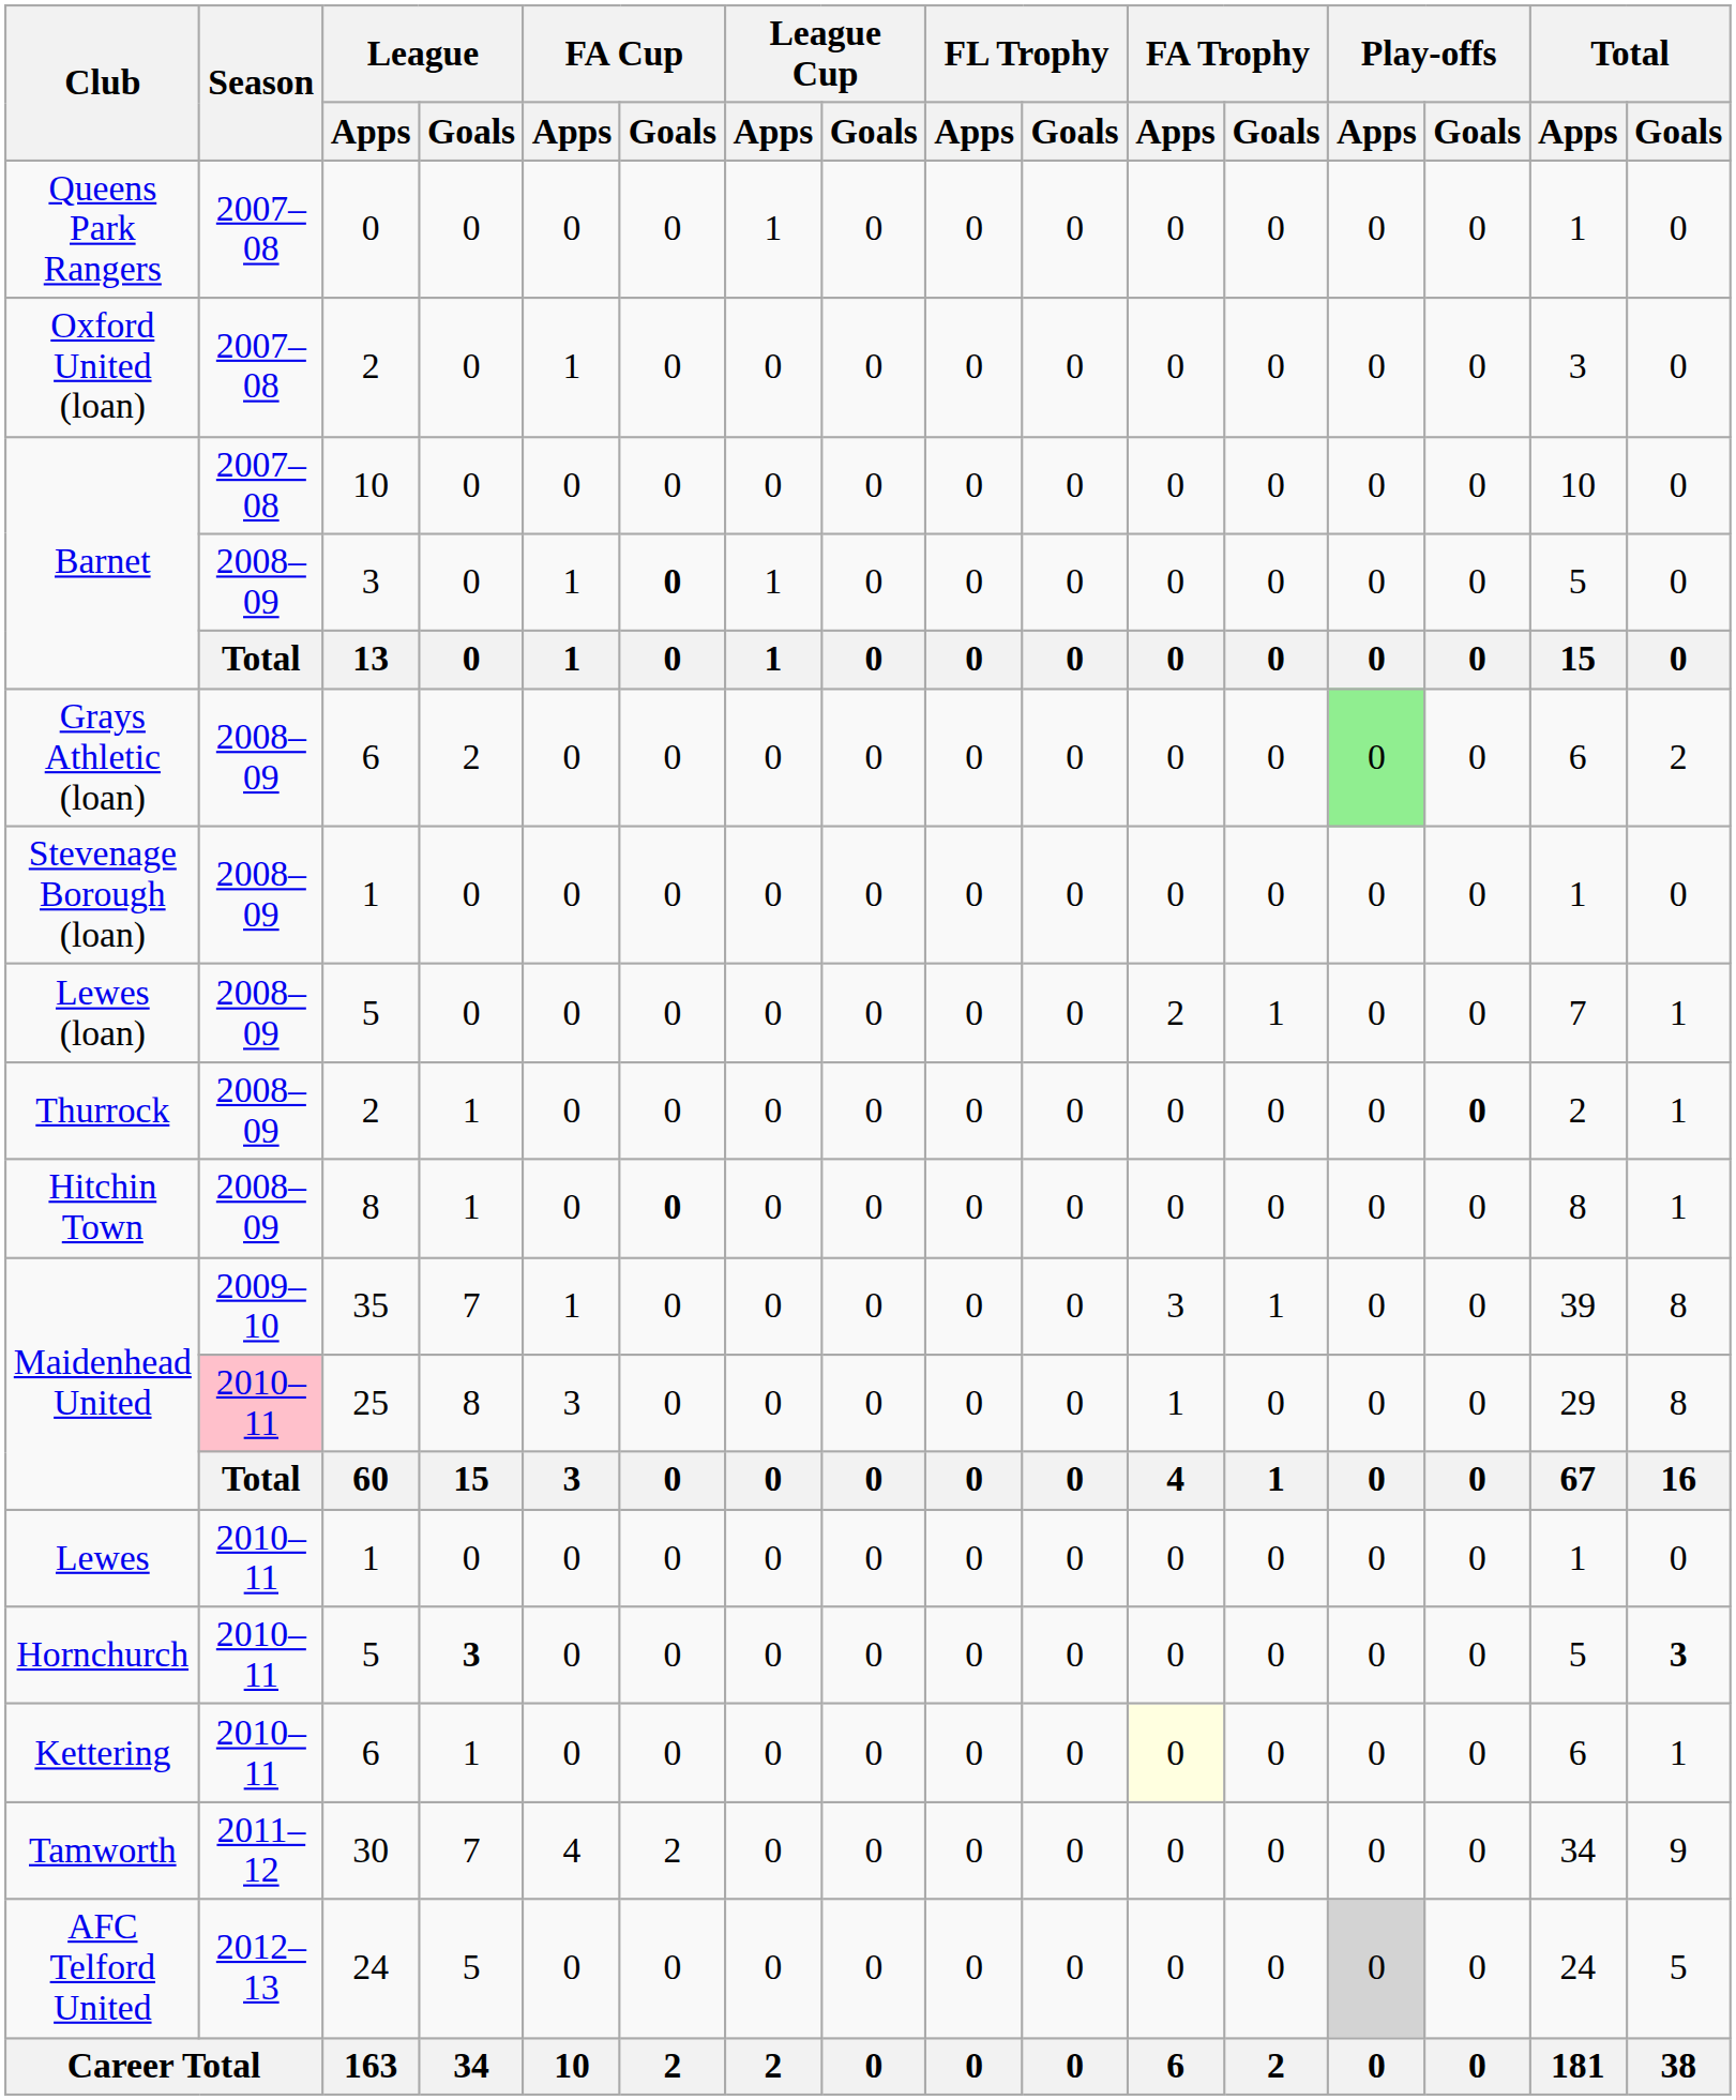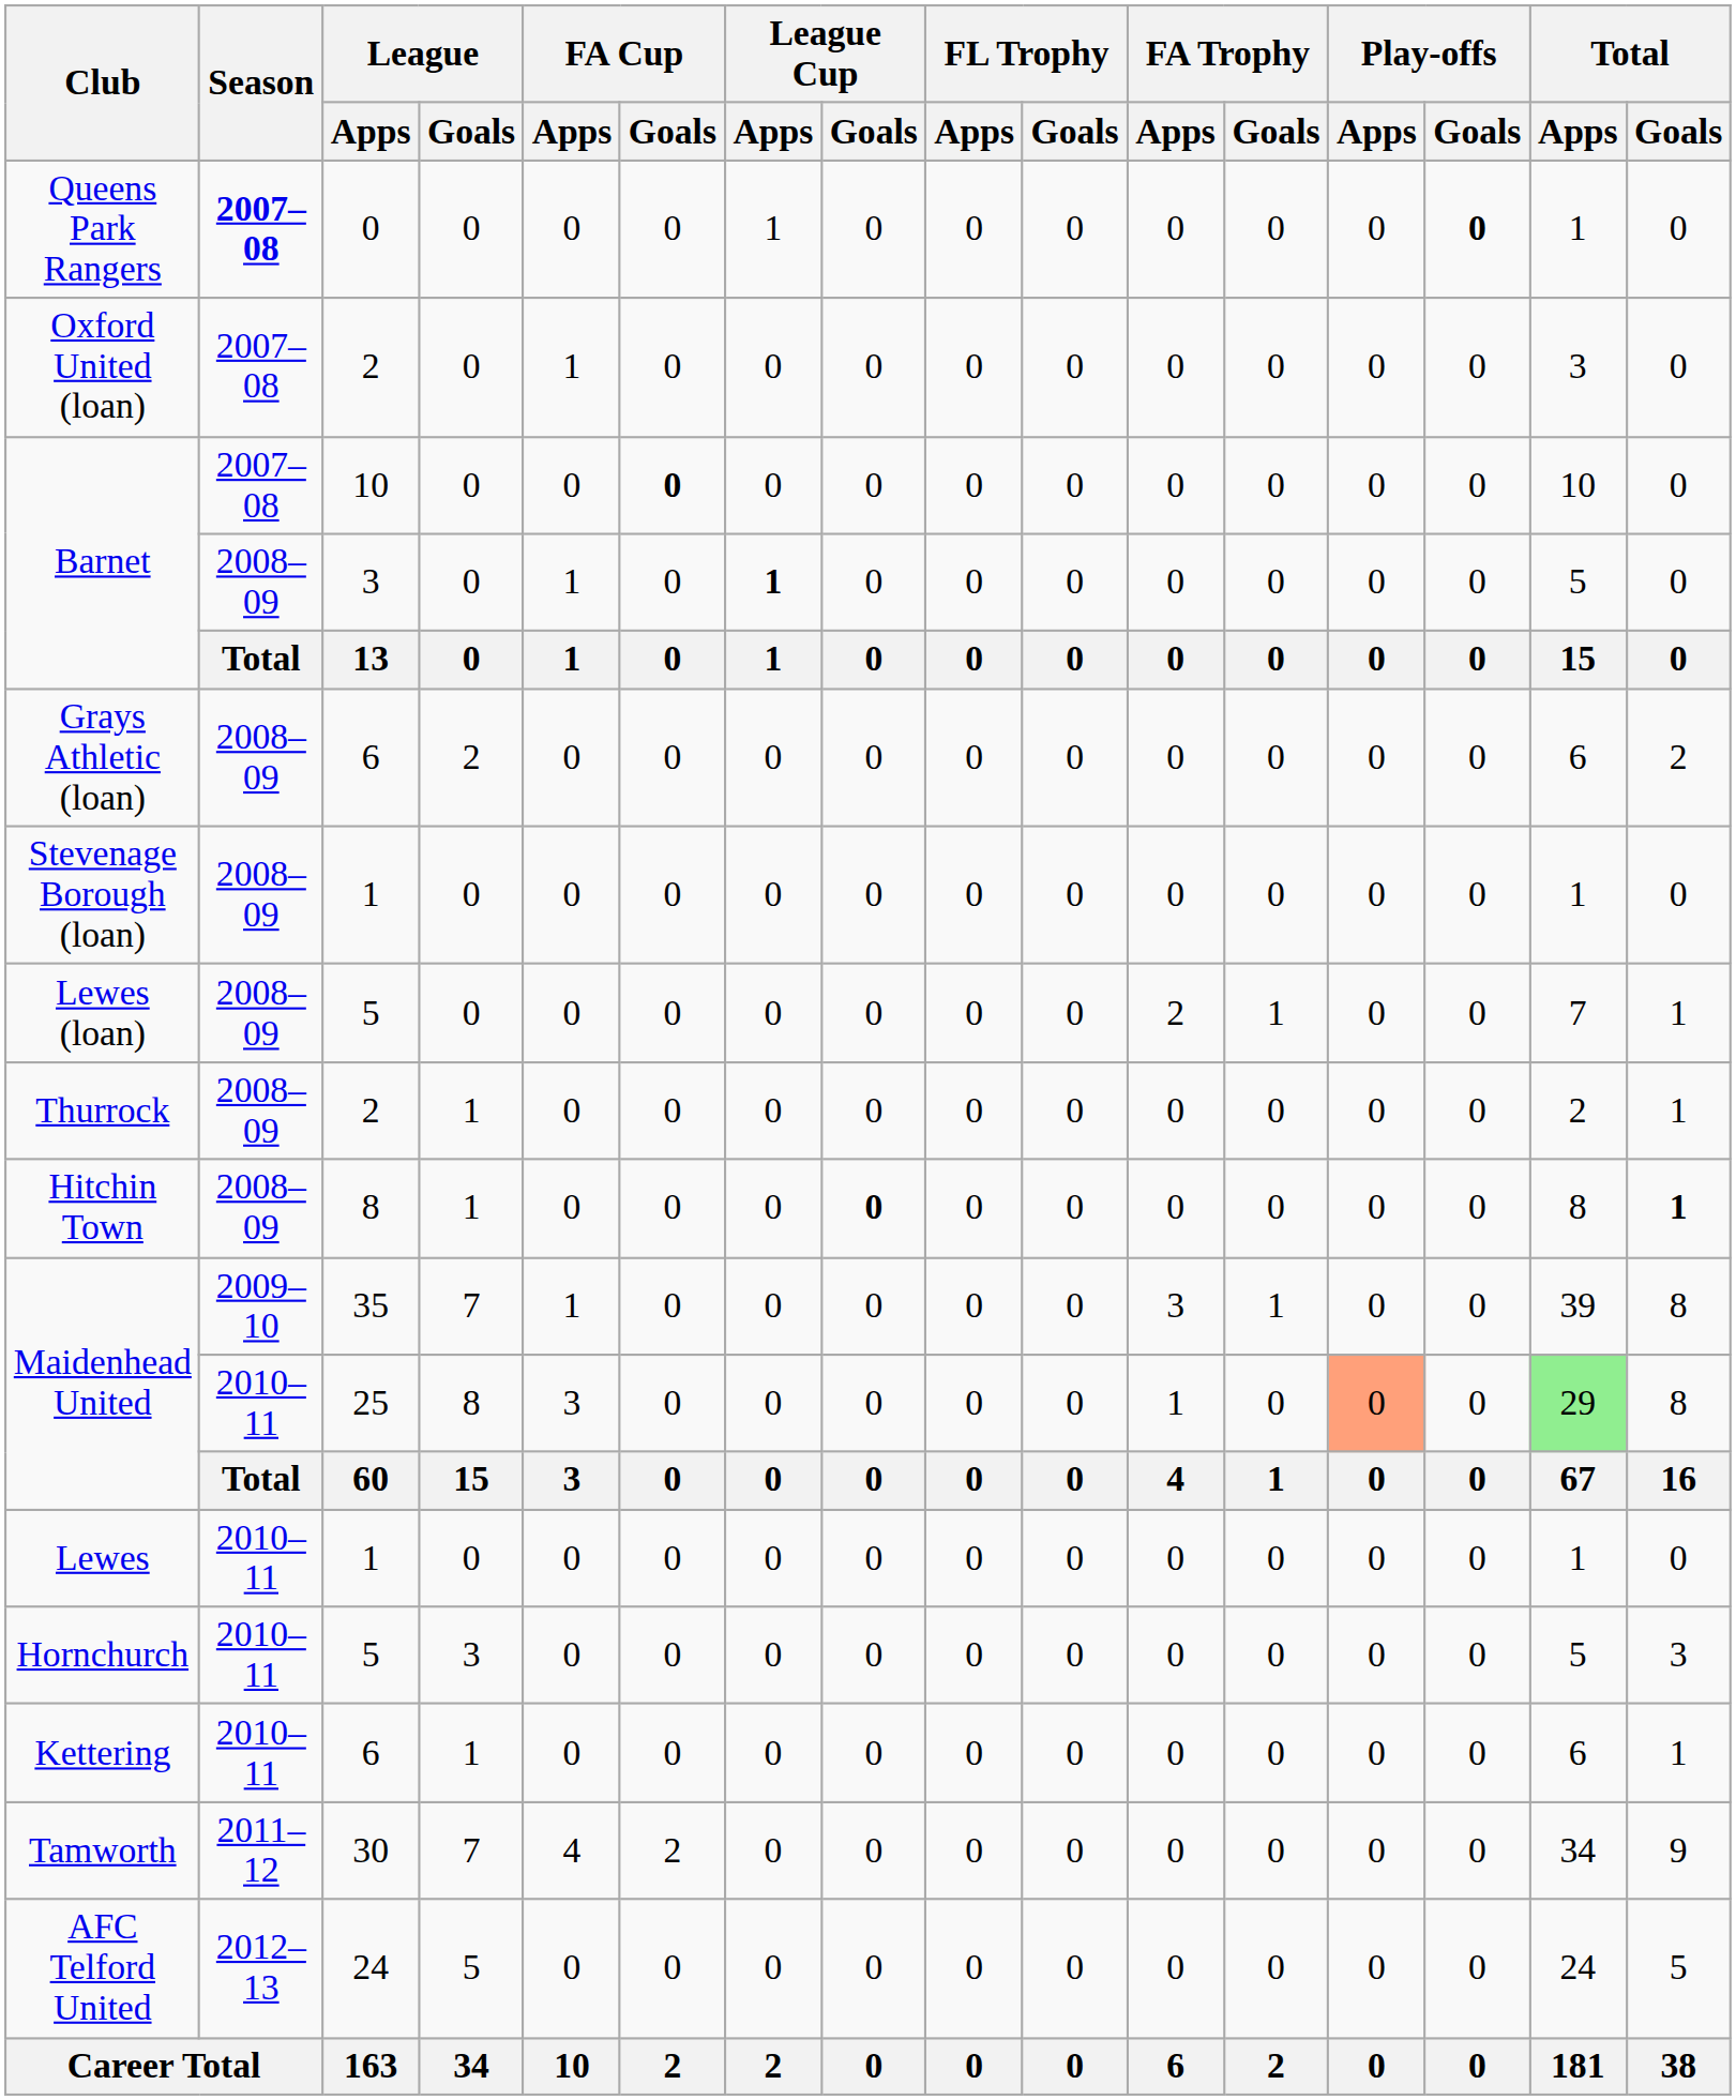 <table class="wikitable" style="text-align:center">
 <tr>
 <th rowspan="2">Club</th>
 <th rowspan="2">Season</th>
 <th colspan="2">League</th>
 <th colspan="2">FA Cup</th>
 <th colspan="2">League Cup</th>
 <th colspan="2">FL Trophy</th>
 <th colspan="2">FA Trophy</th>
 <th colspan="2">Play-offs</th>
 <th colspan="2">Total</th>
 </tr>
 <tr>
 <th>Apps</th>
 <th>Goals</th>
 <th>Apps</th>
 <th>Goals</th>
 <th>Apps</th>
 <th>Goals</th>
 <th>Apps</th>
 <th>Goals</th>
 <th>Apps</th>
 <th>Goals</th>
 <th>Apps</th>
 <th>Goals</th>
 <th>Apps</th>
 <th>Goals</th>
 </tr>
 <tr>
 <td rowspan="1" valign="center"><a href='#'>Queens Park Rangers</a></td>
-<td><a href='#'>2007–08</a></td>
+<td><strong><a href='#'>2007–08</a></strong></td>
 <td>0</td>
 <td>0</td>
 <td>0</td>
 <td>0</td>
 <td>1</td>
 <td>0</td>
 <td>0</td>
 <td>0</td>
 <td>0</td>
 <td>0</td>
 <td>0</td>
-<td>0</td>
+<td><strong>0</strong></td>
 <td>1</td>
 <td>0</td>
 </tr>
 <tr>
 <td rowspan="1" valign="center"><a href='#'>Oxford United</a> (loan)</td>
 <td><a href='#'>2007–08</a></td>
 <td>2</td>
 <td>0</td>
 <td>1</td>
 <td>0</td>
 <td>0</td>
 <td>0</td>
 <td>0</td>
 <td>0</td>
 <td>0</td>
 <td>0</td>
 <td>0</td>
 <td>0</td>
 <td>3</td>
 <td>0</td>
 </tr>
 <tr>
 <td rowspan="3" valign="center"><a href='#'>Barnet</a></td>
 <td><a href='#'>2007–08</a></td>
 <td>10</td>
 <td>0</td>
 <td>0</td>
-<td>0</td>
+<td><strong>0</strong></td>
 <td>0</td>
 <td>0</td>
 <td>0</td>
 <td>0</td>
 <td>0</td>
 <td>0</td>
 <td>0</td>
 <td>0</td>
 <td>10</td>
 <td>0</td>
 </tr>
 <tr>
 <td><a href='#'>2008–09</a></td>
 <td>3</td>
 <td>0</td>
 <td>1</td>
-<td><strong>0</strong></td>
-<td>1</td>
+<td>0</td>
+<td><strong>1</strong></td>
 <td>0</td>
 <td>0</td>
 <td>0</td>
 <td>0</td>
 <td>0</td>
 <td>0</td>
 <td>0</td>
 <td>5</td>
 <td>0</td>
 </tr>
 <tr>
 <th>Total</th>
 <th>13</th>
 <th>0</th>
 <th>1</th>
 <th>0</th>
 <th>1</th>
 <th>0</th>
 <th>0</th>
 <th>0</th>
 <th>0</th>
 <th>0</th>
 <th>0</th>
 <th>0</th>
 <th>15</th>
 <th>0</th>
 </tr>
 <tr>
 <td rowspan="1" valign="center"><a href='#'>Grays Athletic</a> (loan)</td>
 <td><a href='#'>2008–09</a></td>
 <td>6</td>
 <td>2</td>
 <td>0</td>
 <td>0</td>
 <td>0</td>
 <td>0</td>
 <td>0</td>
 <td>0</td>
 <td>0</td>
 <td>0</td>
-<td style="background: lightgreen;">0</td>
+<td>0</td>
 <td>0</td>
 <td>6</td>
 <td>2</td>
 </tr>
 <tr>
 <td rowspan="1" valign="center"><a href='#'>Stevenage Borough</a> (loan)</td>
 <td><a href='#'>2008–09</a></td>
 <td>1</td>
 <td>0</td>
 <td>0</td>
 <td>0</td>
 <td>0</td>
 <td>0</td>
 <td>0</td>
 <td>0</td>
 <td>0</td>
 <td>0</td>
 <td>0</td>
 <td>0</td>
 <td>1</td>
 <td>0</td>
 </tr>
 <tr>
 <td rowspan="1" valign="center"><a href='#'>Lewes</a> (loan)</td>
 <td><a href='#'>2008–09</a></td>
 <td>5</td>
 <td>0</td>
 <td>0</td>
 <td>0</td>
 <td>0</td>
 <td>0</td>
 <td>0</td>
 <td>0</td>
 <td>2</td>
 <td>1</td>
 <td>0</td>
 <td>0</td>
 <td>7</td>
 <td>1</td>
 </tr>
 <tr>
 <td rowspan="1" valign="center"><a href='#'>Thurrock</a></td>
 <td><a href='#'>2008–09</a></td>
 <td>2</td>
 <td>1</td>
 <td>0</td>
 <td>0</td>
 <td>0</td>
 <td>0</td>
 <td>0</td>
 <td>0</td>
 <td>0</td>
 <td>0</td>
 <td>0</td>
-<td><strong>0</strong></td>
+<td>0</td>
 <td>2</td>
 <td>1</td>
 </tr>
 <tr>
 <td rowspan="1" valign="center"><a href='#'>Hitchin Town</a></td>
 <td><a href='#'>2008–09</a></td>
 <td>8</td>
 <td>1</td>
 <td>0</td>
+<td>0</td>
+<td>0</td>
 <td><strong>0</strong></td>
 <td>0</td>
 <td>0</td>
 <td>0</td>
 <td>0</td>
 <td>0</td>
 <td>0</td>
-<td>0</td>
-<td>0</td>
 <td>8</td>
-<td>1</td>
+<td><strong>1</strong></td>
 </tr>
 <tr>
 <td rowspan="3" valign="center"><a href='#'>Maidenhead United</a></td>
 <td><a href='#'>2009–10</a></td>
 <td>35</td>
 <td>7</td>
 <td>1</td>
 <td>0</td>
 <td>0</td>
 <td>0</td>
 <td>0</td>
 <td>0</td>
 <td>3</td>
 <td>1</td>
 <td>0</td>
 <td>0</td>
 <td>39</td>
 <td>8</td>
 </tr>
 <tr>
-<td style="background: pink;"><a href='#'>2010–11</a></td>
+<td><a href='#'>2010–11</a></td>
 <td>25</td>
 <td>8</td>
 <td>3</td>
 <td>0</td>
 <td>0</td>
 <td>0</td>
 <td>0</td>
 <td>0</td>
 <td>1</td>
 <td>0</td>
+<td style="background: lightsalmon;">0</td>
 <td>0</td>
-<td>0</td>
-<td>29</td>
+<td style="background: lightgreen;">29</td>
 <td>8</td>
 </tr>
 <tr>
 <th>Total</th>
 <th>60</th>
 <th>15</th>
 <th>3</th>
 <th>0</th>
 <th>0</th>
 <th>0</th>
 <th>0</th>
 <th>0</th>
 <th>4</th>
 <th>1</th>
 <th>0</th>
 <th>0</th>
 <th>67</th>
 <th>16</th>
 </tr>
 <tr>
 <td rowspan="1" valign="center"><a href='#'>Lewes</a></td>
 <td><a href='#'>2010–11</a></td>
 <td>1</td>
 <td>0</td>
 <td>0</td>
 <td>0</td>
 <td>0</td>
 <td>0</td>
 <td>0</td>
 <td>0</td>
 <td>0</td>
 <td>0</td>
 <td>0</td>
 <td>0</td>
 <td>1</td>
 <td>0</td>
 </tr>
 <tr>
 <td rowspan="1" valign="center"><a href='#'>Hornchurch</a></td>
 <td><a href='#'>2010–11</a></td>
 <td>5</td>
-<td><strong>3</strong></td>
+<td>3</td>
 <td>0</td>
 <td>0</td>
 <td>0</td>
 <td>0</td>
 <td>0</td>
 <td>0</td>
 <td>0</td>
 <td>0</td>
 <td>0</td>
 <td>0</td>
 <td>5</td>
-<td><strong>3</strong></td>
+<td>3</td>
 </tr>
 <tr>
 <td rowspan="1" valign="center"><a href='#'>Kettering</a></td>
 <td><a href='#'>2010–11</a></td>
 <td>6</td>
 <td>1</td>
 <td>0</td>
 <td>0</td>
 <td>0</td>
 <td>0</td>
 <td>0</td>
 <td>0</td>
-<td style="background: lightyellow;">0</td>
+<td>0</td>
 <td>0</td>
 <td>0</td>
 <td>0</td>
 <td>6</td>
 <td>1</td>
 </tr>
 <tr>
 <td rowspan="1" valign="center"><a href='#'>Tamworth</a></td>
 <td><a href='#'>2011–12</a></td>
 <td>30</td>
 <td>7</td>
 <td>4</td>
 <td>2</td>
 <td>0</td>
 <td>0</td>
 <td>0</td>
 <td>0</td>
 <td>0</td>
 <td>0</td>
 <td>0</td>
 <td>0</td>
 <td>34</td>
 <td>9</td>
 </tr>
 <tr>
 <td rowspan="1" valign="center"><a href='#'>AFC Telford United</a></td>
 <td><a href='#'>2012–13</a></td>
 <td>24</td>
 <td>5</td>
 <td>0</td>
 <td>0</td>
 <td>0</td>
 <td>0</td>
 <td>0</td>
 <td>0</td>
 <td>0</td>
 <td>0</td>
-<td style="background: lightgrey;">0</td>
+<td>0</td>
 <td>0</td>
 <td>24</td>
 <td>5</td>
 </tr>
 <tr>
 <th colspan="2">Career Total</th>
 <th>163</th>
 <th>34</th>
 <th>10</th>
 <th>2</th>
 <th>2</th>
 <th>0</th>
 <th>0</th>
 <th>0</th>
 <th>6</th>
 <th>2</th>
 <th>0</th>
 <th>0</th>
 <th>181</th>
 <th>38</th>
 </tr>
 </table>
